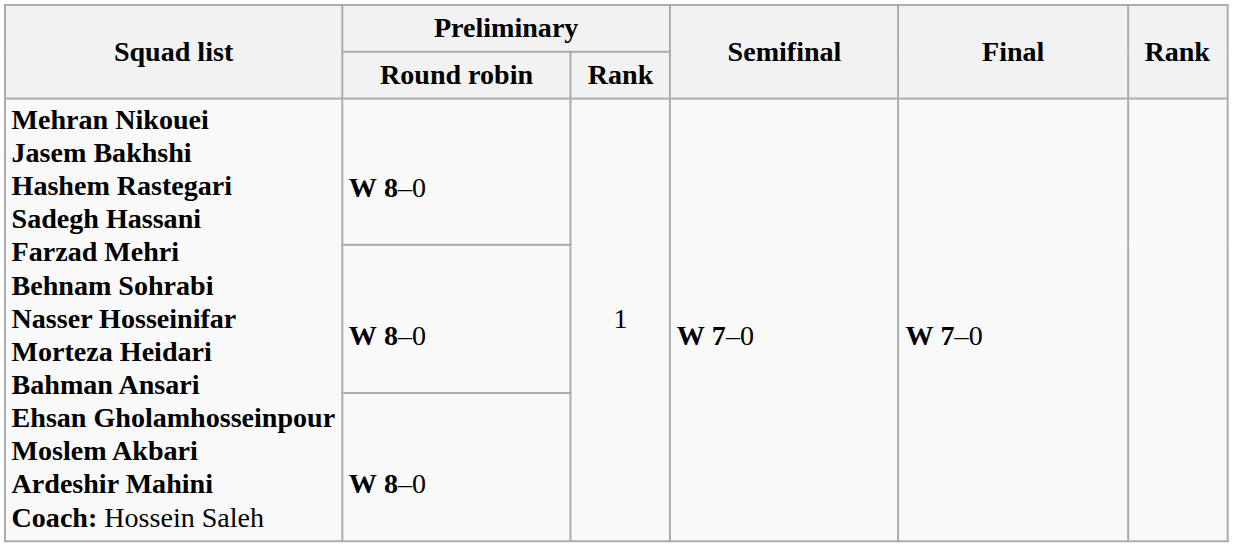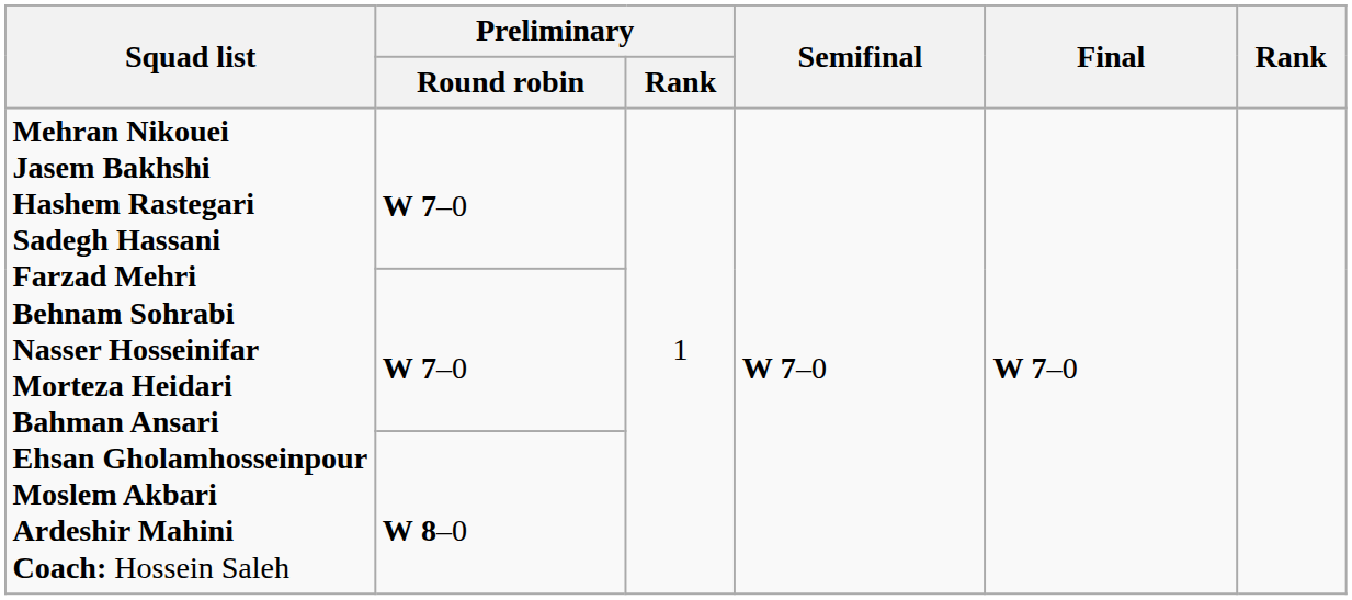 <table class="wikitable" width="71%" style="text-align:left; font-size:90%">
 <tr>
 <th rowspan="2" width="20%">Squad list</th>
 <th colspan="2">Preliminary</th>
 <th rowspan="2" width="14%">Semifinal</th>
 <th rowspan="2" width="14%">Final</th>
 <th rowspan="2" width="5%">Rank</th>
 </tr>
 <tr>
 <th width="14%">Round robin</th>
 <th width="5%">Rank</th>
 </tr>
 <tr>
 <td rowspan="3"><strong>Mehran Nikouei<br>Jasem Bakhshi<br>Hashem Rastegari<br>Sadegh Hassani<br>Farzad Mehri<br>Behnam Sohrabi<br>Nasser Hosseinifar<br>Morteza Heidari<br>Bahman Ansari<br>Ehsan Gholamhosseinpour<br>Moslem Akbari<br>Ardeshir Mahini<br>Coach:</strong> Hossein Saleh</td>
-<td><br><strong>W</strong> <strong>8</strong>–0</td>
+<td><br><strong>W</strong> <strong>7</strong>–0</td>
 <td rowspan="3" align=center>1 <strong></strong></td>
 <td rowspan="3"><br><strong>W</strong> <strong>7</strong>–0</td>
 <td rowspan="3"><br><strong>W</strong> <strong>7</strong>–0</td>
 <td rowspan="3" align="center"></td>
 </tr>
 <tr>
-<td><br><strong>W</strong> <strong>8</strong>–0</td>
+<td><br><strong>W</strong> <strong>7</strong>–0</td>
 </tr>
 <tr>
 <td><br><strong>W</strong> <strong>8</strong>–0</td>
 </tr>
 </table>
